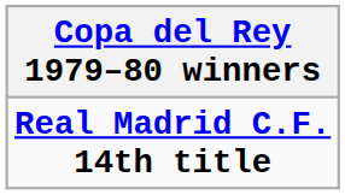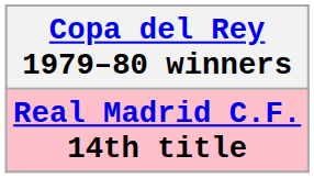 <table class="wikitable" style="text-align: center; margin: 0 auto;">
 <tr>
 <th><a href='#'>Copa del Rey</a><br>1979–80 winners</th>
 </tr>
 <tr>
-<td><strong><a href='#'>Real Madrid C.F.</a></strong><br><strong>14th title</strong></td>
+<td style="background: pink;"><strong><a href='#'>Real Madrid C.F.</a></strong><br><strong>14th title</strong></td>
 </tr>
 </table>
